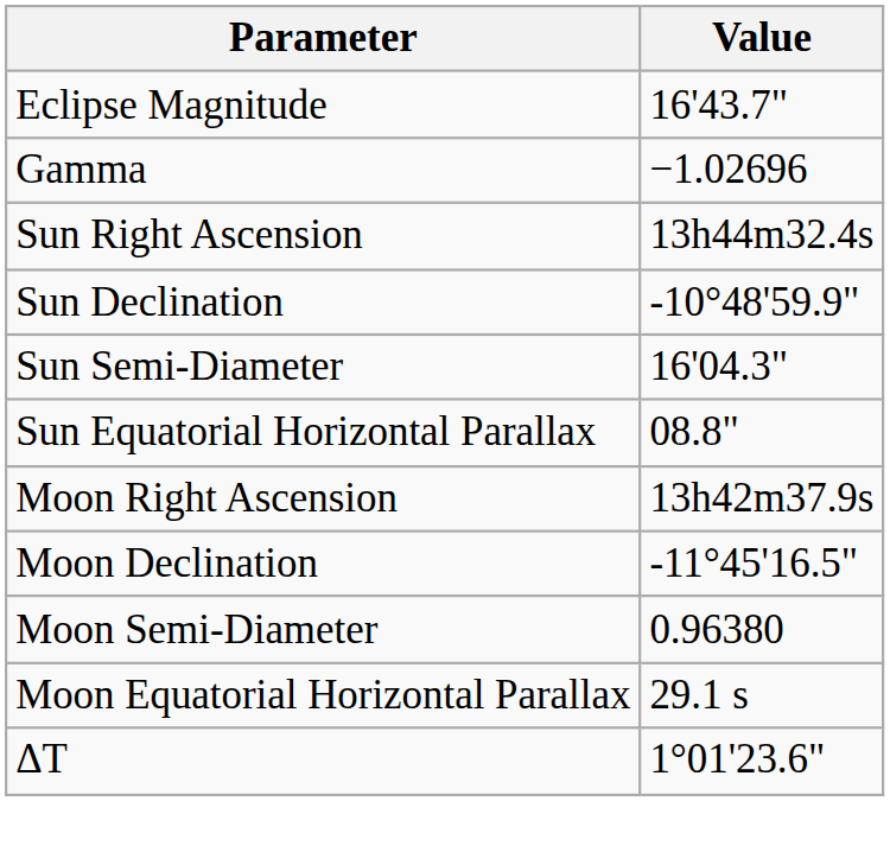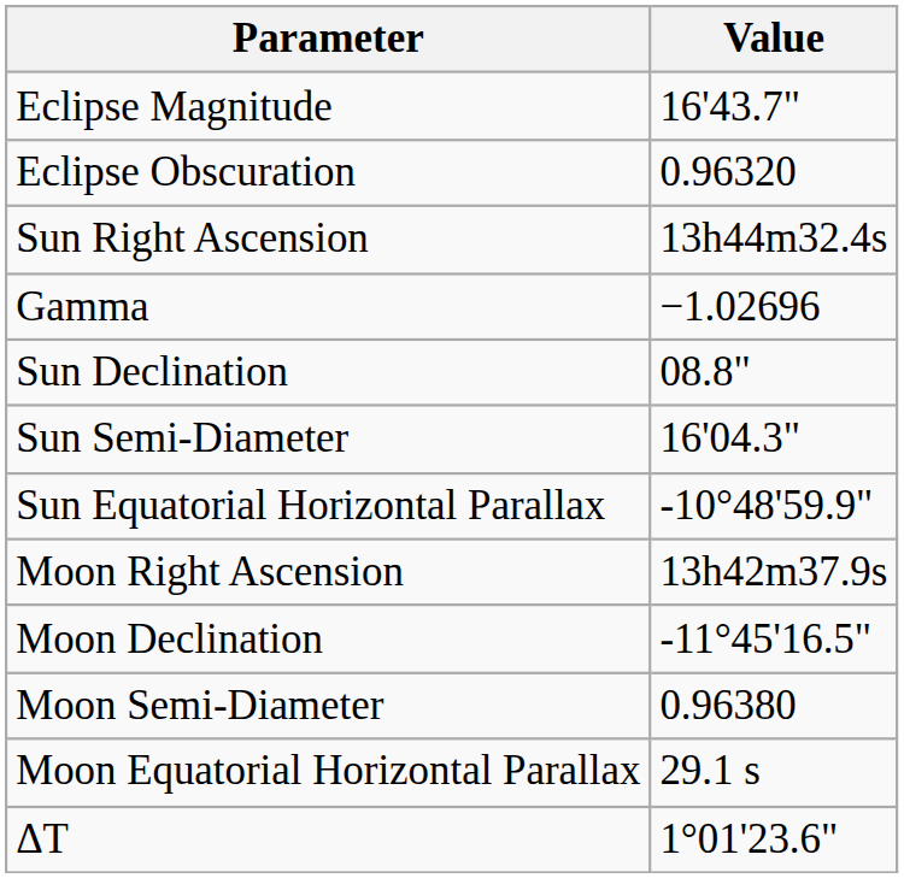 <table class="wikitable">
 <tr>
 <th>Parameter</th>
 <th>Value</th>
 </tr>
 <tr>
 <td>Eclipse Magnitude</td>
 <td>16'43.7"</td>
 </tr>
 <tr>
-<td>Gamma</td>
-<td>−1.02696</td>
+<td>Eclipse Obscuration</td>
+<td>0.96320</td>
 </tr>
 <tr>
 <td>Sun Right Ascension</td>
 <td>13h44m32.4s</td>
 </tr>
 <tr>
+<td>Gamma</td>
+<td>−1.02696</td>
+</tr>
+<tr>
 <td>Sun Declination</td>
-<td>-10°48'59.9"</td>
+<td>08.8"</td>
 </tr>
 <tr>
 <td>Sun Semi-Diameter</td>
 <td>16'04.3"</td>
 </tr>
 <tr>
 <td>Sun Equatorial Horizontal Parallax</td>
-<td>08.8"</td>
+<td>-10°48'59.9"</td>
 </tr>
 <tr>
 <td>Moon Right Ascension</td>
 <td>13h42m37.9s</td>
 </tr>
 <tr>
 <td>Moon Declination</td>
 <td>-11°45'16.5"</td>
 </tr>
 <tr>
 <td>Moon Semi-Diameter</td>
 <td>0.96380</td>
 </tr>
 <tr>
 <td>Moon Equatorial Horizontal Parallax</td>
 <td>29.1 s</td>
 </tr>
 <tr>
 <td>ΔT</td>
 <td>1°01'23.6"</td>
 </tr>
 </table>
